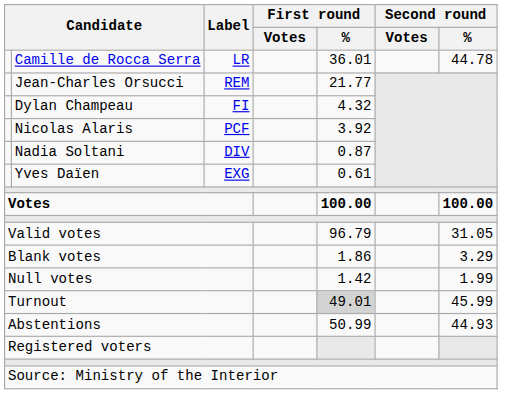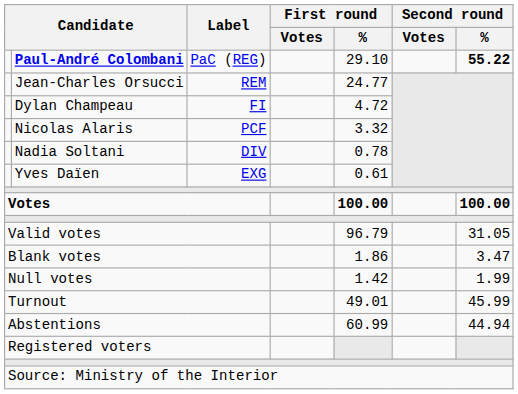 <table class="wikitable" style="text-align:right;font-size:95%;">
 <tr>
 <th rowspan="2" colspan="2">Candidate</th>
 <th rowspan="2">Label</th>
 <th colspan="2">First round</th>
 <th colspan="2">Second round</th>
 </tr>
 <tr>
 <th style="width:50px;">Votes</th>
 <th style="width:45px;">%</th>
 <th style="width:50px;">Votes</th>
 <th style="width:45px;">%</th>
 </tr>
 <tr>
 <td style="color:inherit;background:"></td>
-<td style="text-align:left;"><a href='#'>Camille de Rocca Serra</a></td>
-<td><a href='#'>LR</a></td>
+<td style="text-align:left;"><strong><a href='#'>Paul-André Colombani</a></strong></td>
+<td><a href='#'>PaC</a> (<a href='#'>REG</a>)</td>
 <td></td>
-<td>36.01</td>
-<td></td>
-<td>44.78</td>
+<td>29.10</td>
+<td><strong></strong></td>
+<td><strong>55.22</strong></td>
 </tr>
 <tr>
 <td style="color:inherit;background:"></td>
 <td style="text-align:left;">Jean-Charles Orsucci</td>
 <td><a href='#'>REM</a></td>
 <td></td>
-<td>21.77</td>
+<td>24.77</td>
 <td colspan="2" rowspan="5" style="background:#E9E9E9;"></td>
 </tr>
 <tr>
 <td style="color:inherit;background:"></td>
 <td style="text-align:left;">Dylan Champeau</td>
 <td><a href='#'>FI</a></td>
 <td></td>
-<td>4.32</td>
+<td>4.72</td>
 </tr>
 <tr>
 <td style="color:inherit;background:"></td>
 <td style="text-align:left;">Nicolas Alaris</td>
 <td><a href='#'>PCF</a></td>
 <td></td>
-<td>3.92</td>
+<td>3.32</td>
 </tr>
 <tr>
 <td style="color:inherit;background:"></td>
 <td style="text-align:left;">Nadia Soltani</td>
 <td><a href='#'>DIV</a></td>
 <td></td>
-<td>0.87</td>
+<td>0.78</td>
 </tr>
 <tr>
 <td style="color:inherit;background:"></td>
 <td style="text-align:left;">Yves Daïen</td>
 <td><a href='#'>EXG</a></td>
 <td></td>
 <td>0.61</td>
 </tr>
 <tr>
 <td colspan="7" style="background:#E9E9E9;"></td>
 </tr>
 <tr style="font-weight:bold;">
 <td colspan="3" style="text-align:left;">Votes</td>
 <td></td>
 <td>100.00</td>
 <td></td>
 <td>100.00</td>
 </tr>
 <tr>
 <td colspan="7" style="background:#E9E9E9;"></td>
 </tr>
 <tr>
 <td colspan="3" style="text-align:left;">Valid votes</td>
 <td></td>
 <td>96.79</td>
 <td></td>
 <td>31.05</td>
 </tr>
 <tr>
 <td colspan="3" style="text-align:left;">Blank votes</td>
 <td></td>
 <td>1.86</td>
 <td></td>
-<td>3.29</td>
+<td>3.47</td>
 </tr>
 <tr>
 <td colspan="3" style="text-align:left;">Null votes</td>
 <td></td>
 <td>1.42</td>
 <td></td>
 <td>1.99</td>
 </tr>
 <tr>
 <td colspan="3" style="text-align:left;">Turnout</td>
 <td></td>
-<td style="background: lightgrey;">49.01</td>
+<td>49.01</td>
 <td></td>
 <td>45.99</td>
 </tr>
 <tr>
 <td colspan="3" style="text-align:left;">Abstentions</td>
 <td></td>
-<td>50.99</td>
+<td>60.99</td>
 <td></td>
-<td>44.93</td>
+<td>44.94</td>
 </tr>
 <tr>
 <td colspan="3" style="text-align:left;">Registered voters</td>
 <td></td>
 <td style="background:#E9E9E9;"></td>
 <td></td>
 <td style="background:#E9E9E9;"></td>
 </tr>
 <tr>
 <td colspan="7" style="background:#E9E9E9;"></td>
 </tr>
 <tr>
 <td colspan="7" style="text-align:left;">Source: Ministry of the Interior<br></td>
 </tr>
 </table>
